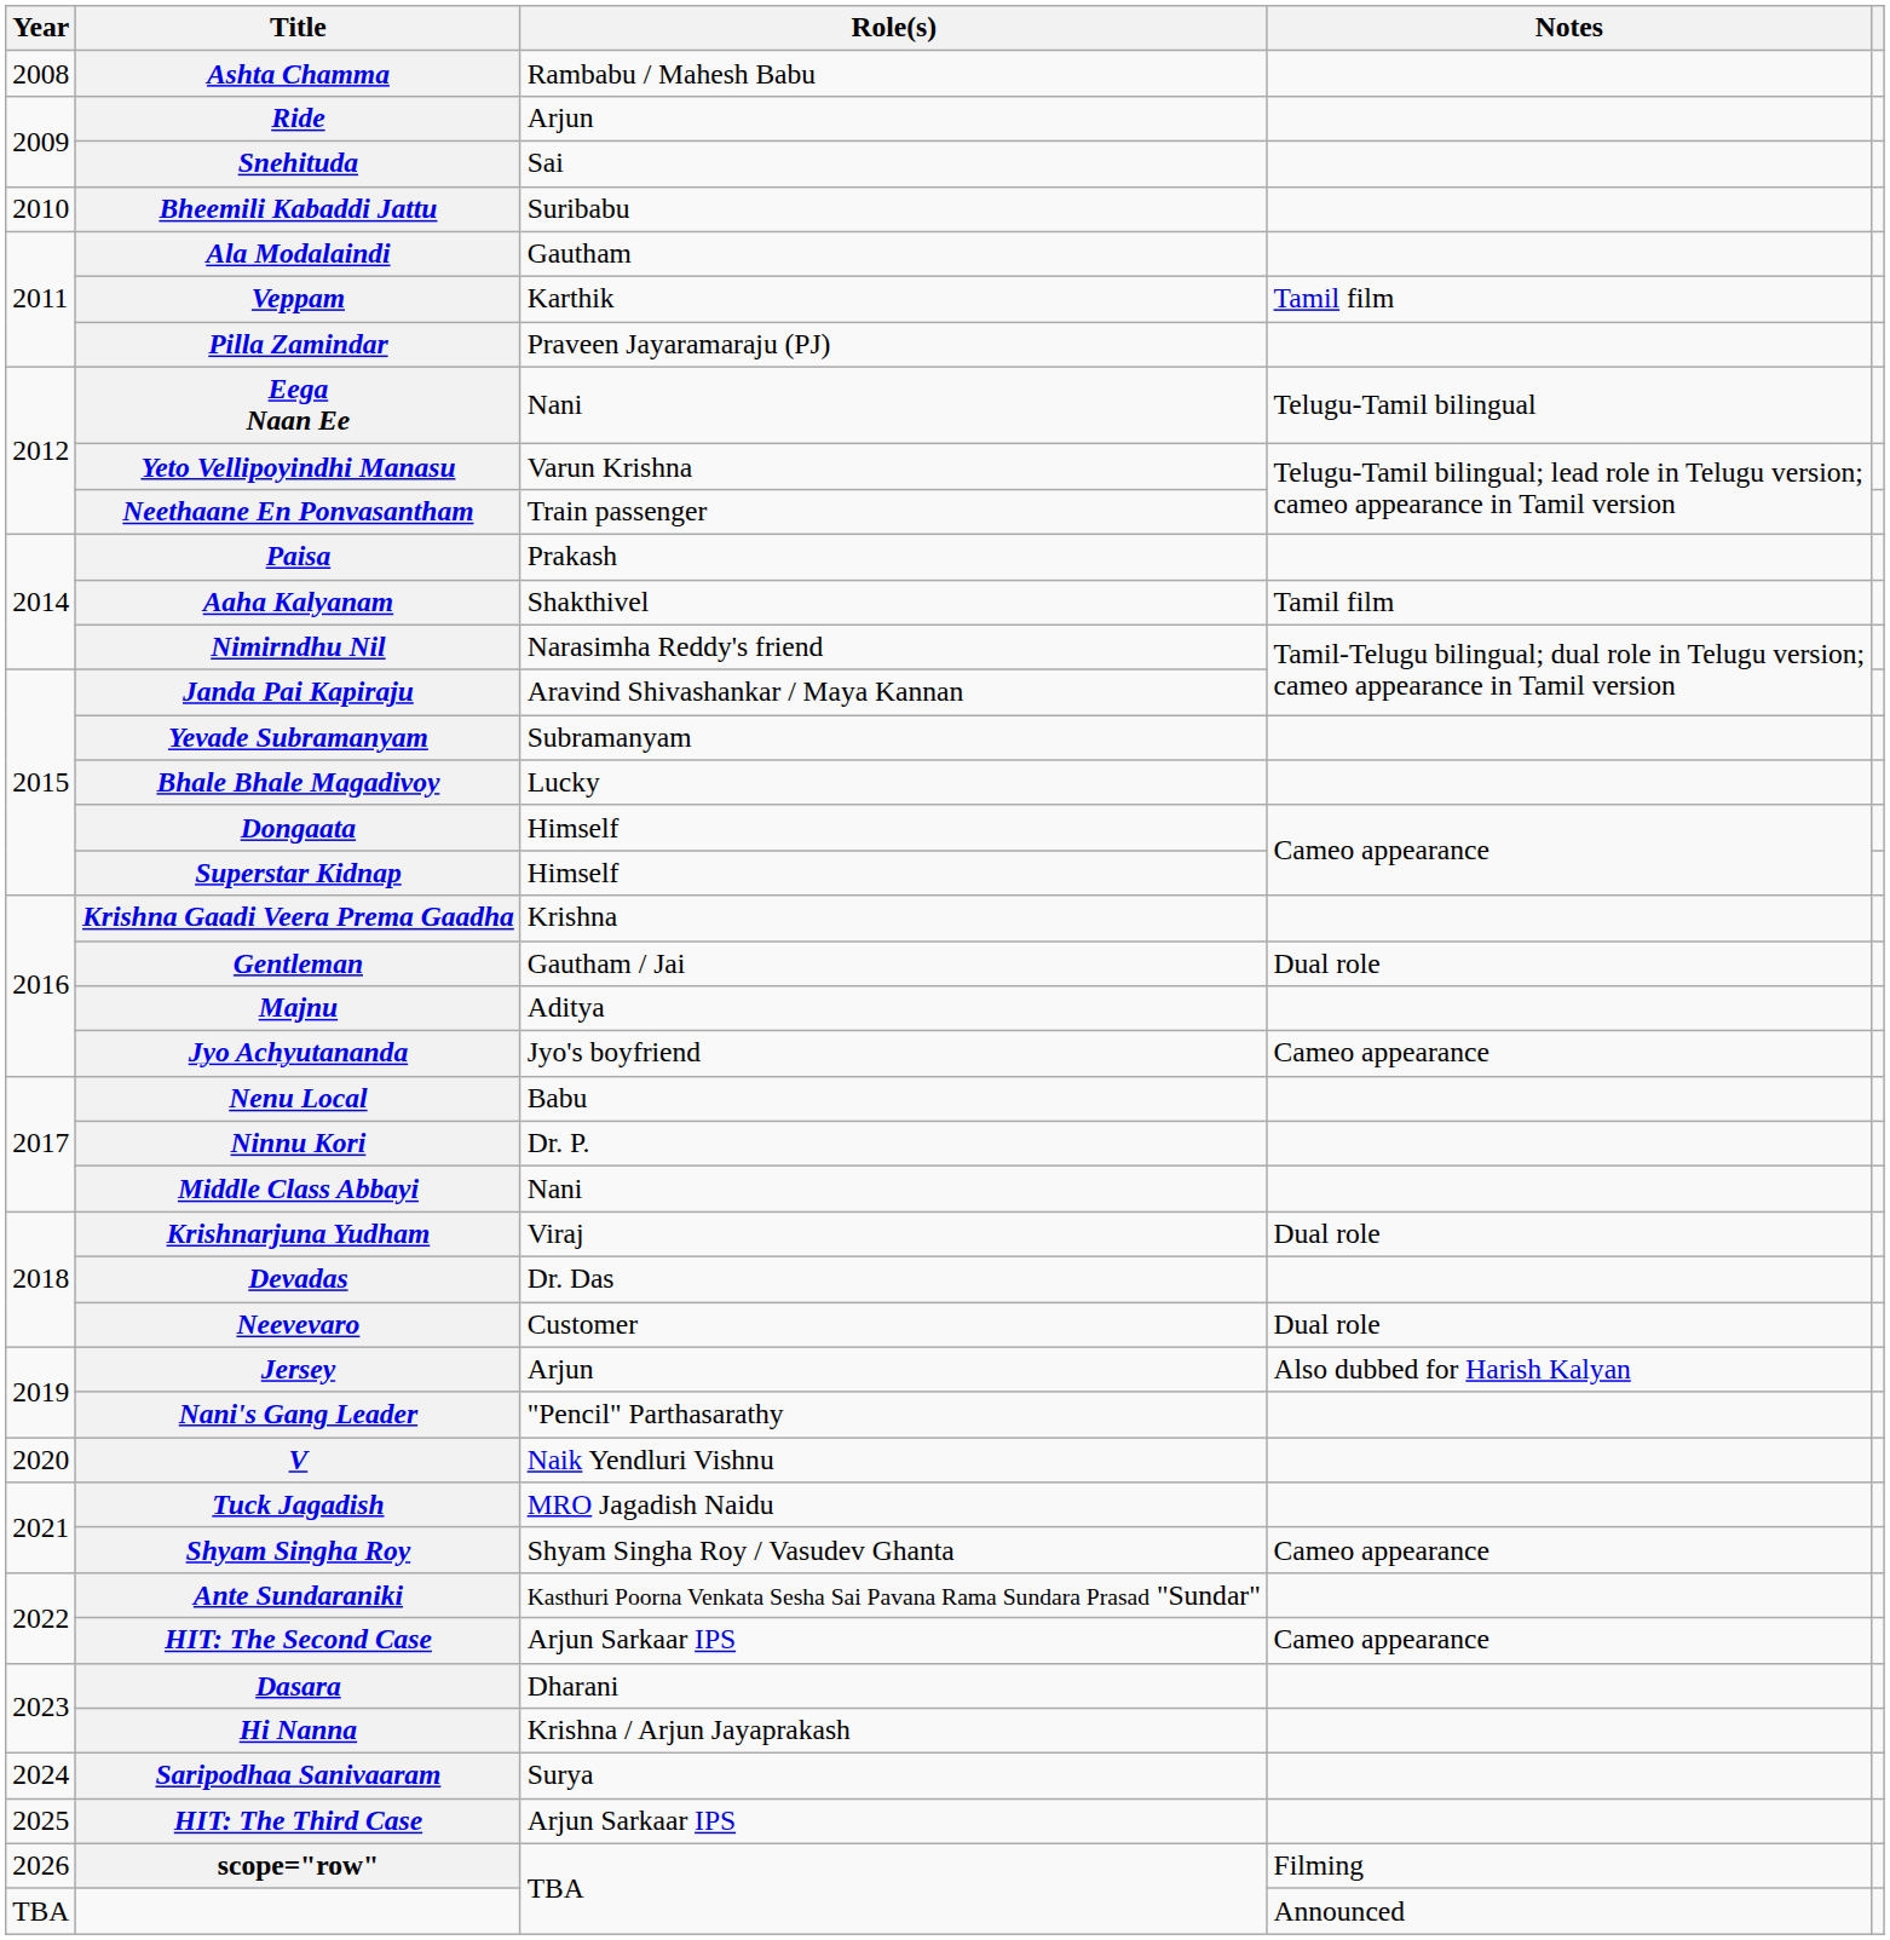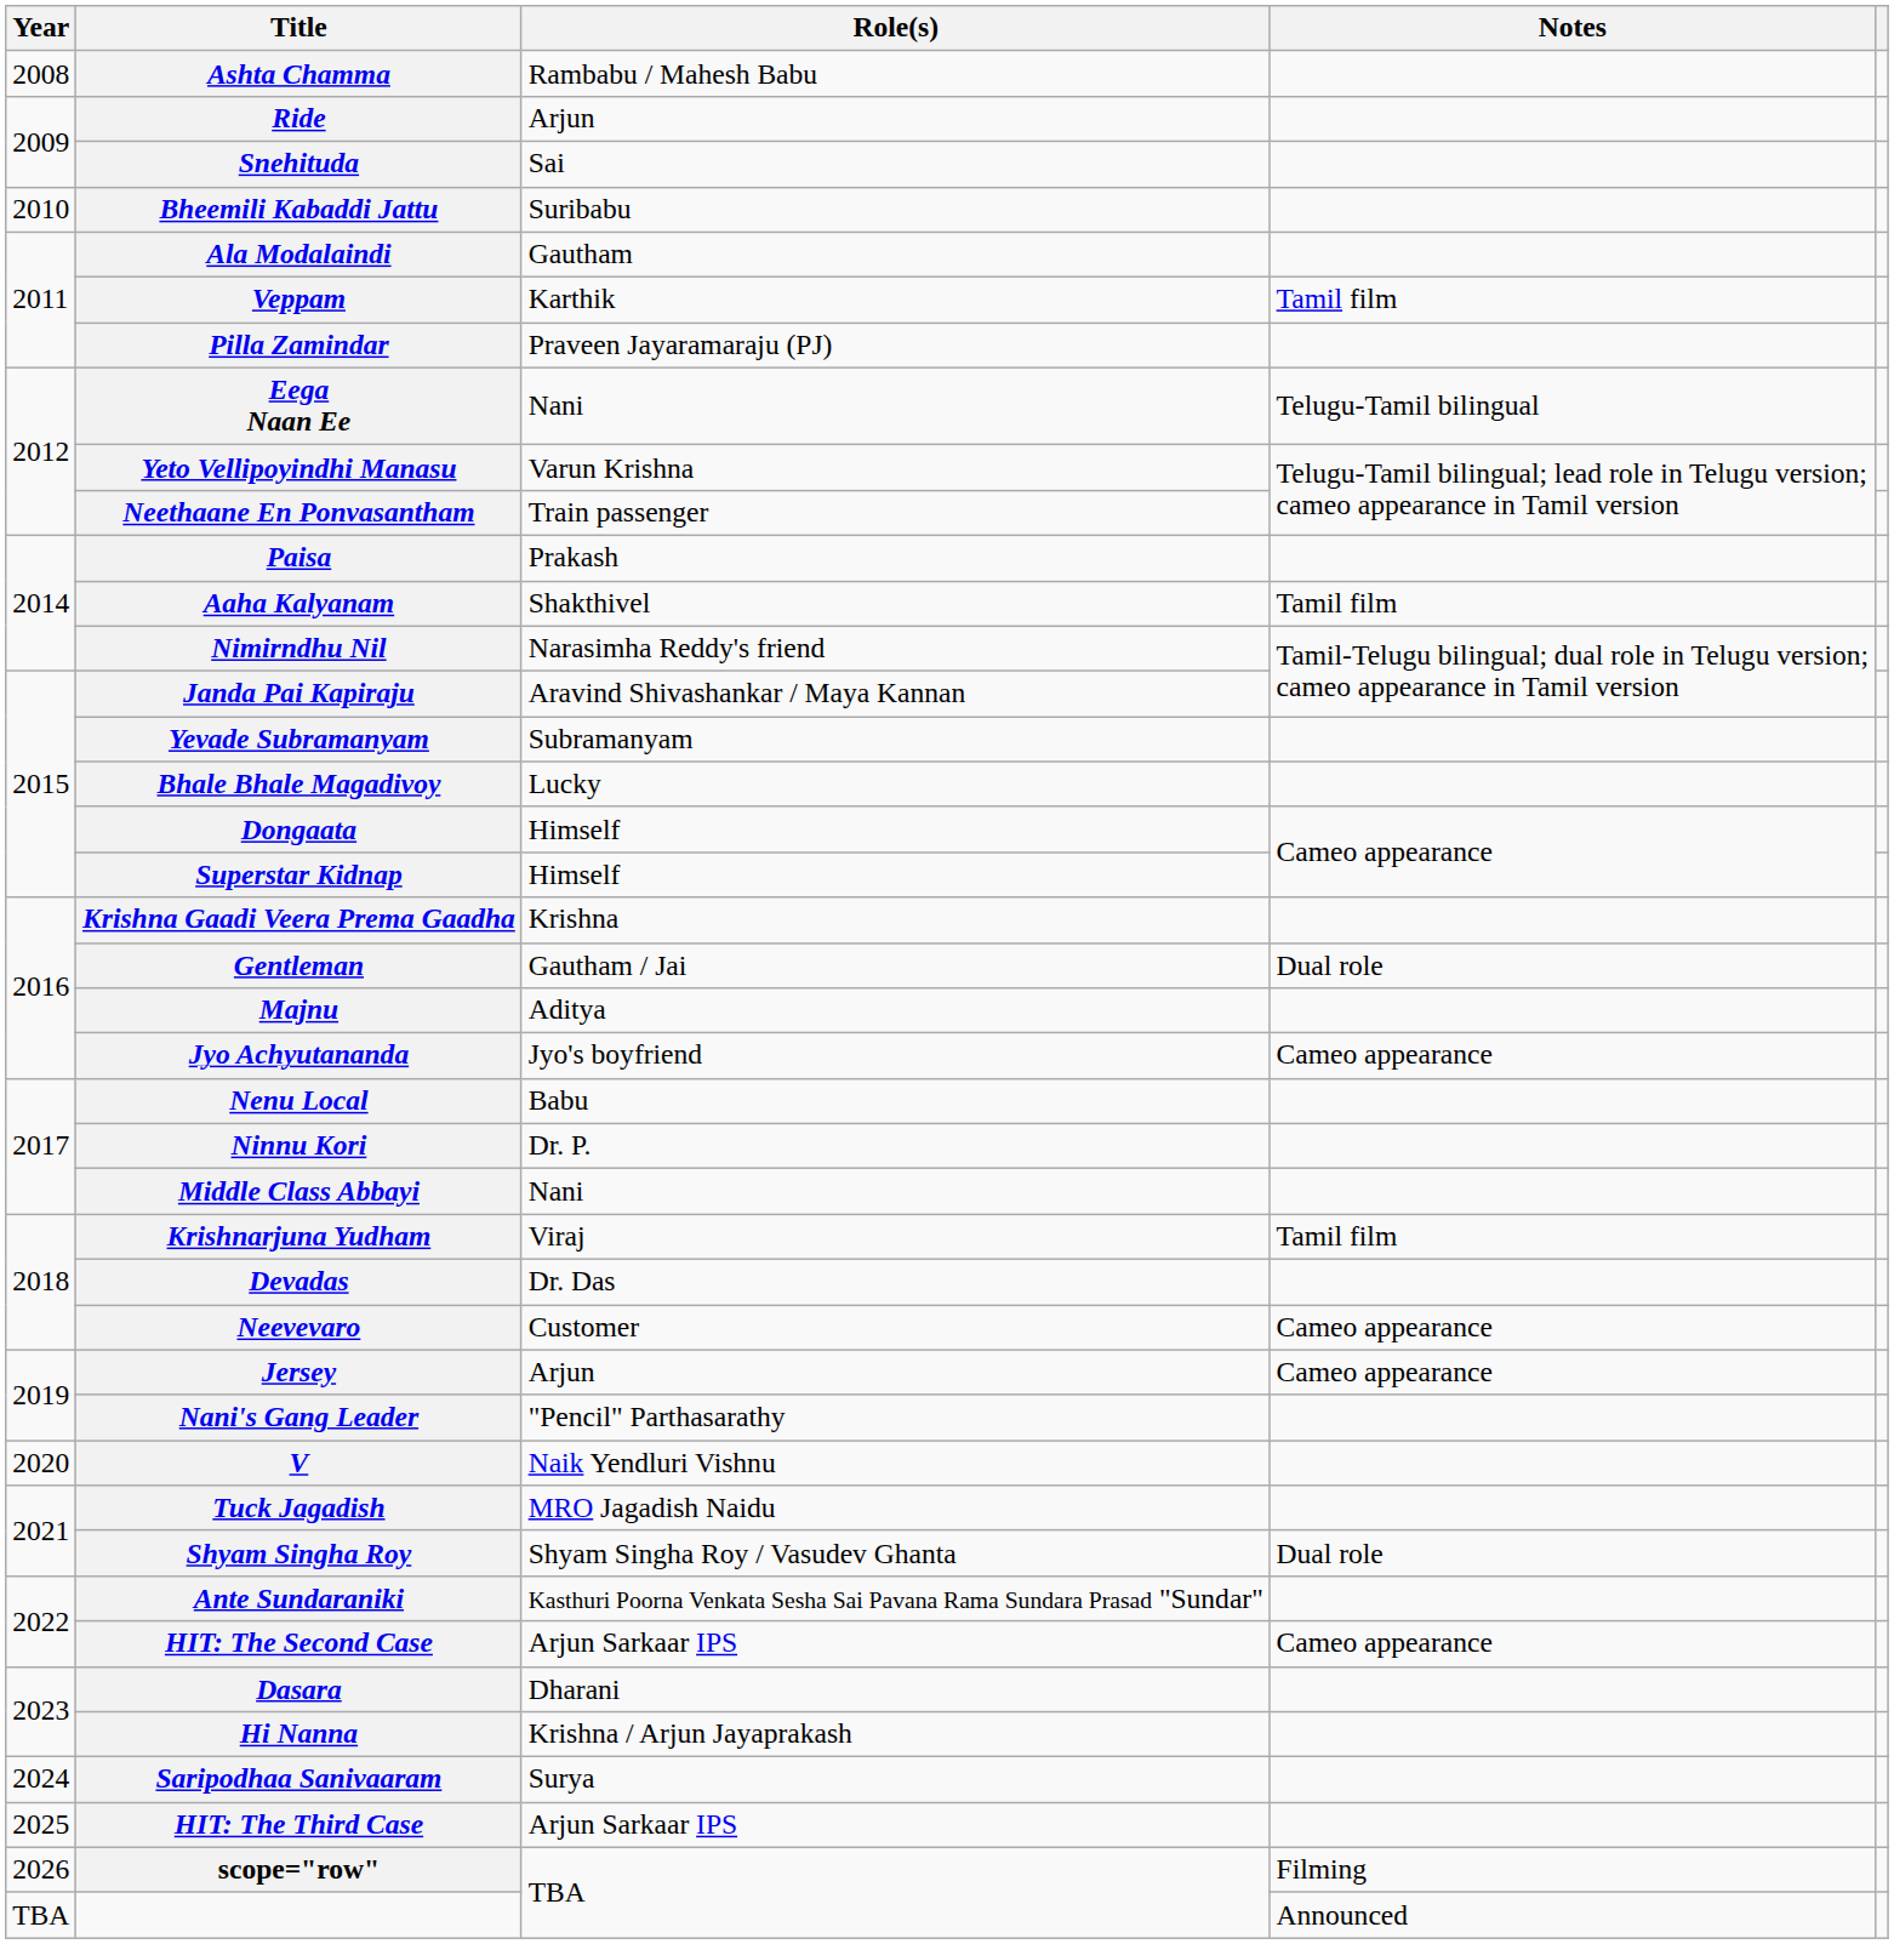 <table class="wikitable sortable plainrowheaders">
 <tr>
 <th scope="col">Year</th>
 <th scope="col">Title</th>
 <th scope="col">Role(s)</th>
 <th scope="col" class="unsortable">Notes</th>
 <th scope="col" class="unsortable"></th>
 </tr>
 <tr>
 <td>2008</td>
 <th scope="row"><em><a href='#'>Ashta Chamma</a></em></th>
 <td>Rambabu / Mahesh Babu</td>
 <td></td>
 <td style="text-align:center;"></td>
 </tr>
 <tr>
 <td rowspan="2">2009</td>
 <th scope="row"><em><a href='#'>Ride</a></em></th>
 <td>Arjun</td>
 <td></td>
 <td style="text-align:center;"></td>
 </tr>
 <tr>
 <th scope="row"><em><a href='#'>Snehituda</a></em></th>
 <td>Sai</td>
 <td></td>
 <td style="text-align:center;"></td>
 </tr>
 <tr>
 <td>2010</td>
 <th scope="row"><em><a href='#'>Bheemili Kabaddi Jattu</a></em></th>
 <td>Suribabu</td>
 <td></td>
 <td style="text-align:center;"></td>
 </tr>
 <tr>
 <td rowspan="3">2011</td>
 <th scope="row"><em><a href='#'>Ala Modalaindi</a></em></th>
 <td>Gautham</td>
 <td></td>
 <td style="text-align:center;"></td>
 </tr>
 <tr>
 <th scope="row"><em><a href='#'>Veppam</a></em></th>
 <td>Karthik</td>
 <td><a href='#'>Tamil</a> film</td>
 <td style="text-align:center;"></td>
 </tr>
 <tr>
 <th scope="row"><em><a href='#'>Pilla Zamindar</a></em></th>
 <td>Praveen Jayaramaraju (PJ)</td>
 <td></td>
 <td style="text-align:center;"></td>
 </tr>
 <tr>
 <td rowspan="3">2012</td>
 <th scope="row"><em><a href='#'>Eega</a></em><br><em>Naan Ee</em></th>
 <td>Nani</td>
 <td>Telugu-Tamil bilingual</td>
 <td style="text-align:center;"></td>
 </tr>
 <tr>
 <th scope="row"><em><a href='#'>Yeto Vellipoyindhi Manasu</a></em></th>
 <td>Varun Krishna</td>
 <td rowspan="2">Telugu-Tamil bilingual; lead role in Telugu version;<br> cameo appearance in Tamil version</td>
 <td style="text-align:center;"></td>
 </tr>
 <tr>
 <th scope="row"><em><a href='#'>Neethaane En Ponvasantham</a></em></th>
 <td>Train passenger</td>
 <td style="text-align:center;"></td>
 </tr>
 <tr>
 <td rowspan="3">2014</td>
 <th scope="row"><em><a href='#'>Paisa</a></em></th>
 <td>Prakash</td>
 <td></td>
 <td style="text-align:center;"></td>
 </tr>
 <tr>
 <th scope="row"><em><a href='#'>Aaha Kalyanam</a></em></th>
 <td>Shakthivel</td>
 <td>Tamil film</td>
 <td style="text-align:center;"></td>
 </tr>
 <tr>
 <th scope="row"><em><a href='#'>Nimirndhu Nil</a></em></th>
 <td>Narasimha Reddy's friend</td>
 <td rowspan="2">Tamil-Telugu bilingual; dual role in Telugu version;<br> cameo appearance in Tamil version</td>
 <td style="text-align:center;"></td>
 </tr>
 <tr>
 <td rowspan="5">2015</td>
 <th scope="row"><em><a href='#'>Janda Pai Kapiraju</a></em></th>
 <td>Aravind Shivashankar / Maya Kannan</td>
 <td style="text-align:center;"></td>
 </tr>
 <tr>
 <th scope="row"><em><a href='#'>Yevade Subramanyam</a></em></th>
 <td>Subramanyam</td>
 <td></td>
 <td style="text-align:center;"></td>
 </tr>
 <tr>
 <th scope="row"><em><a href='#'>Bhale Bhale Magadivoy</a></em></th>
 <td>Lucky</td>
 <td></td>
 <td style="text-align:center;"></td>
 </tr>
 <tr>
 <th scope="row"><em><a href='#'>Dongaata</a></em></th>
 <td>Himself</td>
 <td rowspan="2">Cameo appearance</td>
 <td style="text-align:center;"></td>
 </tr>
 <tr>
 <th scope="row"><em><a href='#'>Superstar Kidnap</a></em></th>
 <td>Himself</td>
 <td style="text-align:center;"></td>
 </tr>
 <tr>
 <td rowspan="4">2016</td>
 <th scope="row"><em><a href='#'>Krishna Gaadi Veera Prema Gaadha</a></em></th>
 <td>Krishna</td>
 <td></td>
 <td style="text-align:center;"></td>
 </tr>
 <tr>
 <th scope="row"><em><a href='#'>Gentleman</a></em></th>
 <td>Gautham / Jai</td>
 <td>Dual role</td>
 <td style="text-align:center;"></td>
 </tr>
 <tr>
 <th scope="row"><em><a href='#'>Majnu</a></em></th>
 <td>Aditya</td>
 <td></td>
 <td style="text-align:center;"></td>
 </tr>
 <tr>
 <th scope="row"><em><a href='#'>Jyo Achyutananda</a></em></th>
 <td>Jyo's boyfriend</td>
 <td>Cameo appearance</td>
 <td style="text-align:center;"></td>
 </tr>
 <tr>
 <td rowspan="3">2017</td>
 <th scope="row"><em><a href='#'>Nenu Local</a></em></th>
 <td>Babu</td>
 <td></td>
 <td style="text-align:center;"></td>
 </tr>
 <tr>
 <th scope="row"><em><a href='#'>Ninnu Kori</a></em></th>
 <td>Dr. P. </td>
 <td></td>
 <td style="text-align:center;"></td>
 </tr>
 <tr>
 <th scope="row"><em><a href='#'>Middle Class Abbayi</a></em></th>
 <td>Nani</td>
 <td></td>
 <td style="text-align:center;"></td>
 </tr>
 <tr>
 <td rowspan="3">2018</td>
 <th scope="row"><em><a href='#'>Krishnarjuna Yudham</a></em></th>
 <td>Viraj</td>
-<td>Dual role</td>
+<td>Tamil film</td>
 <td style="text-align:center;"></td>
 </tr>
 <tr>
 <th scope="row"><em><a href='#'>Devadas</a></em></th>
 <td>Dr. Das</td>
 <td></td>
 <td style="text-align:center;"></td>
 </tr>
 <tr>
 <th scope="row"><em><a href='#'>Neevevaro</a></em></th>
 <td>Customer</td>
-<td>Dual role</td>
+<td>Cameo appearance</td>
 <td style="text-align:center;"></td>
 </tr>
 <tr>
 <td rowspan="2">2019</td>
 <th scope="row"><em><a href='#'>Jersey</a></em></th>
 <td>Arjun</td>
-<td>Also dubbed for <a href='#'>Harish Kalyan</a></td>
+<td>Cameo appearance</td>
 <td style="text-align:center;"></td>
 </tr>
 <tr>
 <th scope="row"><em><a href='#'>Nani's Gang Leader</a></em></th>
 <td>"Pencil" Parthasarathy</td>
 <td></td>
 <td style="text-align:center;"></td>
 </tr>
 <tr>
 <td>2020</td>
 <th scope="row"><em><a href='#'>V</a></em></th>
 <td><a href='#'>Naik</a> Yendluri Vishnu</td>
 <td></td>
 <td style="text-align:center;"></td>
 </tr>
 <tr>
 <td rowspan="2">2021</td>
 <th scope="row"><em><a href='#'>Tuck Jagadish</a></em></th>
 <td><a href='#'>MRO</a> Jagadish Naidu</td>
 <td></td>
 <td style="text-align:center;"></td>
 </tr>
 <tr>
 <th scope="row"><em><a href='#'>Shyam Singha Roy</a></em></th>
 <td>Shyam Singha Roy / Vasudev Ghanta</td>
-<td>Cameo appearance</td>
+<td>Dual role</td>
 <td style="text-align:center;"></td>
 </tr>
 <tr>
 <td rowspan="2">2022</td>
 <th scope="row"><em><a href='#'>Ante Sundaraniki</a></em></th>
 <td><small>Kasthuri Poorna Venkata Sesha Sai Pavana Rama Sundara Prasad</small> "Sundar"</td>
 <td></td>
 <td style="text-align:center;"></td>
 </tr>
 <tr>
 <th scope="row"><em><a href='#'>HIT: The Second Case</a></em></th>
 <td>Arjun Sarkaar <a href='#'>IPS</a></td>
 <td>Cameo appearance</td>
 <td style="text-align:center;"></td>
 </tr>
 <tr>
 <td rowspan="2">2023</td>
 <th scope="row"><em><a href='#'>Dasara</a></em></th>
 <td>Dharani</td>
 <td></td>
 <td style="text-align:center;"></td>
 </tr>
 <tr>
 <th scope="row"><em><a href='#'>Hi Nanna</a></em></th>
 <td>Krishna / Arjun Jayaprakash</td>
 <td></td>
 <td style="text-align:center;"></td>
 </tr>
 <tr>
 <td>2024</td>
 <th scope="row"><em><a href='#'>Saripodhaa Sanivaaram</a></em></th>
 <td>Surya</td>
 <td></td>
 <td style="text-align:center;"></td>
 </tr>
 <tr>
 <td>2025</td>
 <th scope="row"><em><a href='#'>HIT: The Third Case</a></em></th>
 <td>Arjun Sarkaar <a href='#'>IPS</a></td>
 <td></td>
 <td style="text-align:center;"></td>
 </tr>
 <tr>
 <td>2026</td>
 <th>scope="row" </th>
 <td rowspan="2">TBA</td>
 <td>Filming</td>
 <td style="text-align:center;"></td>
 </tr>
 <tr>
 <td>TBA</td>
 <td></td>
 <td>Announced</td>
 <td style="text-align: center;"></td>
 </tr>
 </table>
